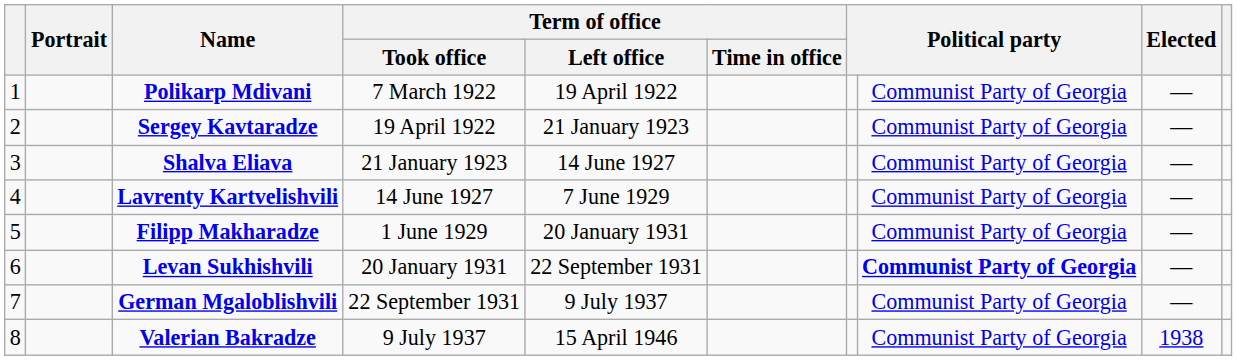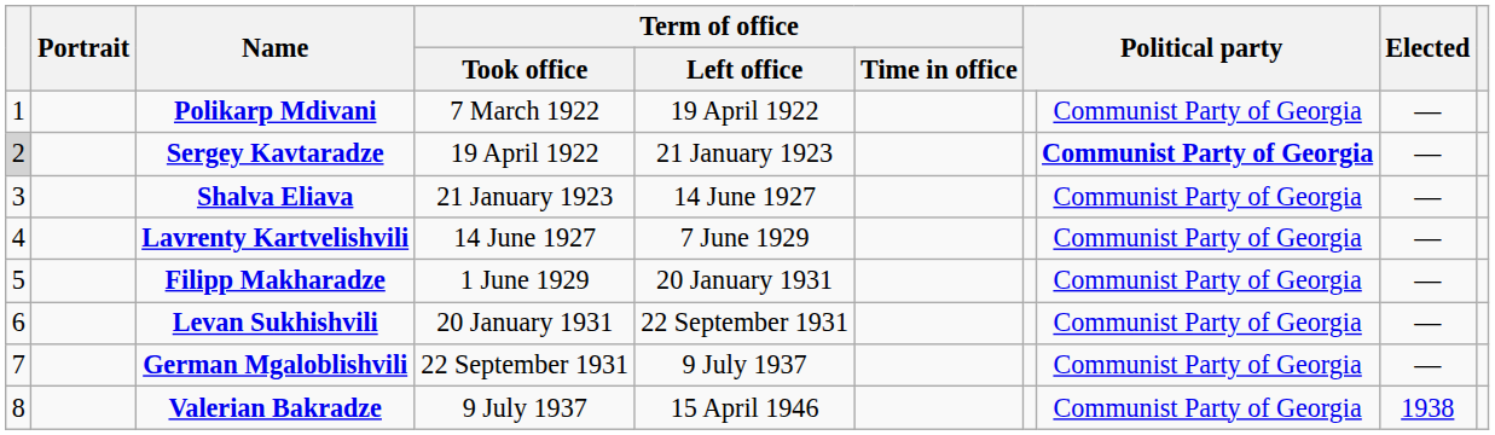 <table class="wikitable" style="text-align:center">
 <tr>
 <th rowspan=2></th>
 <th rowspan=2>Portrait</th>
 <th rowspan=2>Name<br></th>
 <th colspan=3>Term of office</th>
 <th colspan=2 rowspan=2>Political party</th>
 <th rowspan=2>Elected</th>
 <th rowspan=2></th>
 </tr>
 <tr>
 <th>Took office</th>
 <th>Left office</th>
 <th>Time in office</th>
 </tr>
 <tr>
 <td>1</td>
 <td></td>
 <td><strong><a href='#'>Polikarp Mdivani</a></strong><br></td>
 <td>7 March 1922</td>
 <td>19 April 1922</td>
 <td></td>
 <td style="background:"></td>
 <td><a href='#'>Communist Party of Georgia</a></td>
 <td>—</td>
 <td></td>
 </tr>
 <tr>
-<td>2</td>
+<td style="background: lightgrey;">2</td>
 <td></td>
 <td><strong><a href='#'>Sergey Kavtaradze</a></strong><br></td>
 <td>19 April 1922</td>
 <td>21 January 1923</td>
 <td></td>
 <td style="background:"></td>
-<td><a href='#'>Communist Party of Georgia</a></td>
+<td><strong><a href='#'>Communist Party of Georgia</a></strong></td>
 <td>—</td>
 <td></td>
 </tr>
 <tr>
 <td>3</td>
 <td></td>
 <td><strong><a href='#'>Shalva Eliava</a></strong><br></td>
 <td>21 January 1923</td>
 <td>14 June 1927</td>
 <td></td>
 <td style="background:"></td>
 <td><a href='#'>Communist Party of Georgia</a></td>
 <td>—</td>
 <td></td>
 </tr>
 <tr>
 <td>4</td>
 <td></td>
 <td><strong><a href='#'>Lavrenty Kartvelishvili</a></strong><br></td>
 <td>14 June 1927</td>
 <td>7 June 1929</td>
 <td></td>
 <td style="background:"></td>
 <td><a href='#'>Communist Party of Georgia</a></td>
 <td>—</td>
 <td></td>
 </tr>
 <tr>
 <td>5</td>
 <td></td>
 <td><strong><a href='#'>Filipp Makharadze</a></strong><br></td>
 <td>1 June 1929</td>
 <td>20 January 1931</td>
 <td></td>
 <td style="background:"></td>
 <td><a href='#'>Communist Party of Georgia</a></td>
 <td>—</td>
 <td></td>
 </tr>
 <tr>
 <td>6</td>
 <td></td>
 <td><strong><a href='#'>Levan Sukhishvili</a></strong><br></td>
 <td>20 January 1931</td>
 <td>22 September 1931</td>
 <td></td>
 <td style="background:"></td>
-<td><strong><a href='#'>Communist Party of Georgia</a></strong></td>
+<td><a href='#'>Communist Party of Georgia</a></td>
 <td>—</td>
 <td></td>
 </tr>
 <tr>
 <td>7</td>
 <td></td>
 <td><strong><a href='#'>German Mgaloblishvili</a></strong><br></td>
 <td>22 September 1931</td>
 <td>9 July 1937</td>
 <td></td>
 <td style="background:"></td>
 <td><a href='#'>Communist Party of Georgia</a></td>
 <td>—</td>
 <td></td>
 </tr>
 <tr>
 <td>8</td>
 <td></td>
 <td><strong><a href='#'>Valerian Bakradze</a></strong><br></td>
 <td>9 July 1937</td>
 <td>15 April 1946</td>
 <td></td>
 <td style="background:"></td>
 <td><a href='#'>Communist Party of Georgia</a></td>
 <td><a href='#'>1938</a></td>
 <td></td>
 </tr>
 </table>
